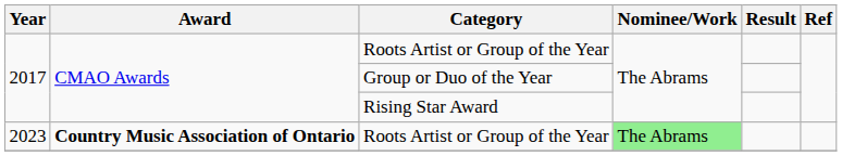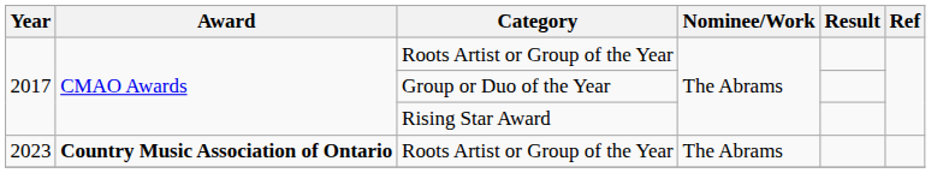 <table class="wikitable">
 <tr>
 <th>Year</th>
 <th>Award</th>
 <th>Category</th>
 <th>Nominee/Work</th>
 <th>Result</th>
 <th>Ref</th>
 </tr>
 <tr>
 <td rowspan=3>2017</td>
 <td rowspan=3><a href='#'>CMAO Awards</a></td>
 <td>Roots Artist or Group of the Year</td>
 <td rowspan=3>The Abrams</td>
 <td></td>
 <td rowspan=3></td>
 </tr>
 <tr>
 <td>Group or Duo of the Year</td>
 <td></td>
 </tr>
 <tr>
 <td>Rising Star Award</td>
 <td></td>
 </tr>
 <tr>
 <td>2023</td>
 <td><strong>Country Music Association of Ontario</strong></td>
 <td>Roots Artist or Group of the Year</td>
-<td style="background: lightgreen;">The Abrams</td>
+<td>The Abrams</td>
 <td></td>
 <td></td>
 </tr>
 <tr>
 </tr>
 </table>
